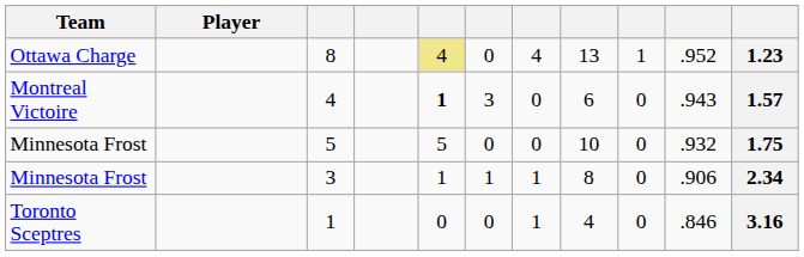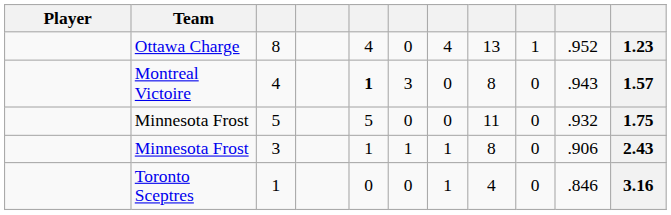 <table class="wikitable sortable" style="text-align: center">
 <tr>
+<th style="width: 12em;">Player</th>
 <th style="width: 10em;">Team</th>
-<th style="width: 12em;">Player</th>
 <th style="width: 3.5em;"></th>
 <th style="width: 6em;"></th>
 <th style="width: 3.5em;"></th>
 <th style="width: 3.5em;"></th>
 <th style="width: 3.5em;"></th>
 <th style="width: 4em;"></th>
 <th style="width: 3.5em;"></th>
 <th style="width: 4em;"></th>
 <th style="width: 4em;"></th>
 </tr>
 <tr>
+<td style="text-align:left;"></td>
 <td style="text-align:left;"><a href='#'>Ottawa Charge</a></td>
-<td style="text-align:left;"></td>
 <td>8</td>
 <td></td>
-<td style="background: khaki;">4</td>
+<td>4</td>
 <td>0</td>
 <td>4</td>
 <td>13</td>
 <td>1</td>
 <td>.952</td>
 <th>1.23</th>
 </tr>
 <tr>
+<td style="text-align:left;"></td>
 <td style="text-align:left;"><a href='#'>Montreal Victoire</a></td>
-<td style="text-align:left;"></td>
 <td>4</td>
 <td></td>
 <td><strong>1</strong></td>
 <td>3</td>
 <td>0</td>
-<td>6</td>
+<td>8</td>
 <td>0</td>
 <td>.943</td>
 <th>1.57</th>
 </tr>
 <tr>
+<td style="text-align:left;"></td>
 <td style="text-align:left;">Minnesota Frost</td>
-<td style="text-align:left;"></td>
 <td>5</td>
 <td></td>
 <td>5</td>
 <td>0</td>
 <td>0</td>
-<td>10</td>
+<td>11</td>
 <td>0</td>
 <td>.932</td>
 <th>1.75</th>
 </tr>
 <tr>
+<td style="text-align:left;"></td>
 <td style="text-align:left;"><a href='#'>Minnesota Frost</a></td>
-<td style="text-align:left;"></td>
 <td>3</td>
 <td></td>
 <td>1</td>
 <td>1</td>
 <td>1</td>
 <td>8</td>
 <td>0</td>
 <td>.906</td>
-<th>2.34</th>
+<th>2.43</th>
 </tr>
 <tr>
+<td style="text-align:left;"></td>
 <td style="text-align:left;"><a href='#'>Toronto Sceptres</a></td>
-<td style="text-align:left;"></td>
 <td>1</td>
 <td></td>
 <td>0</td>
 <td>0</td>
 <td>1</td>
 <td>4</td>
 <td>0</td>
 <td>.846</td>
 <th>3.16<br></th>
 </tr>
 </table>
